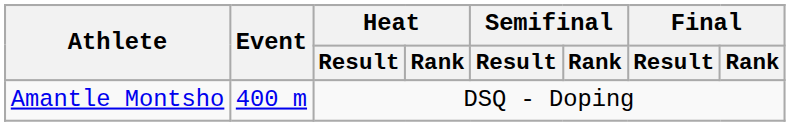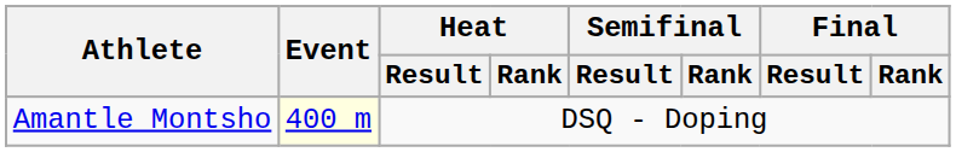 <table class="wikitable" style="font-size:90%">
 <tr>
 <th rowspan="2">Athlete</th>
 <th rowspan="2">Event</th>
 <th colspan="2">Heat</th>
 <th colspan="2">Semifinal</th>
 <th colspan="2">Final</th>
 </tr>
 <tr style="font-size:95%">
 <th>Result</th>
 <th>Rank</th>
 <th>Result</th>
 <th>Rank</th>
 <th>Result</th>
 <th>Rank</th>
 </tr>
 <tr align=center>
 <td align=left><a href='#'>Amantle Montsho</a></td>
-<td align=left><a href='#'>400 m</a></td>
+<td align=left style="background: lightyellow;"><a href='#'>400 m</a></td>
 <td colspan=6>DSQ - Doping</td>
 </tr>
 </table>
